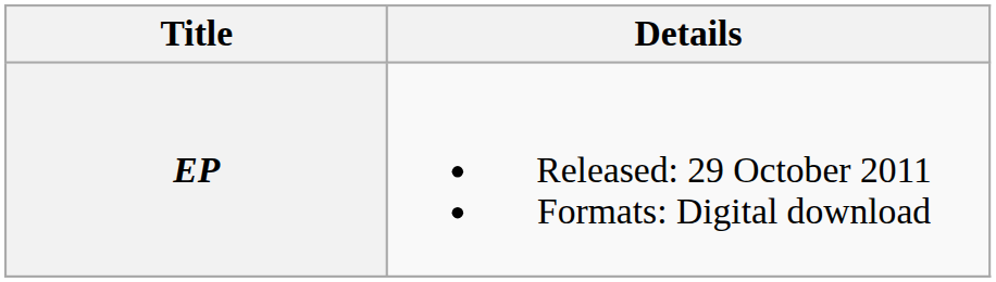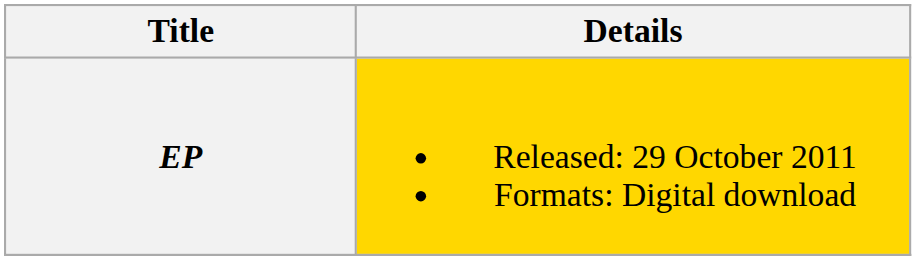 <table class="wikitable plainrowheaders" style="text-align:center;" border="1">
 <tr>
 <th scope="col" style="width:10em;">Title</th>
 <th scope="col" style="width:16em;">Details</th>
 </tr>
 <tr>
 <th scope="row"><em>EP</em></th>
-<td><br><ul><li>Released: 29 October 2011</li><li>Formats: Digital download</li></ul></td>
+<td style="background: gold;"><br><ul><li>Released: 29 October 2011</li><li>Formats: Digital download</li></ul></td>
 </tr>
 <tr>
 </tr>
 </table>
